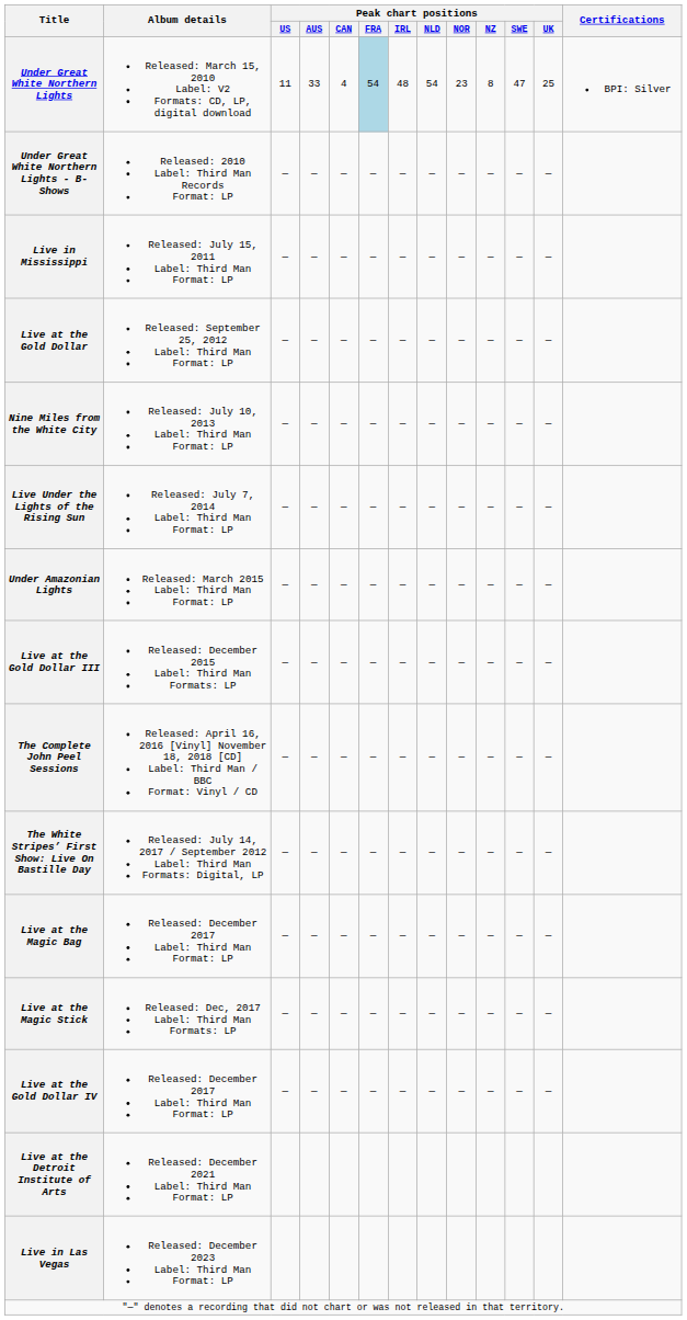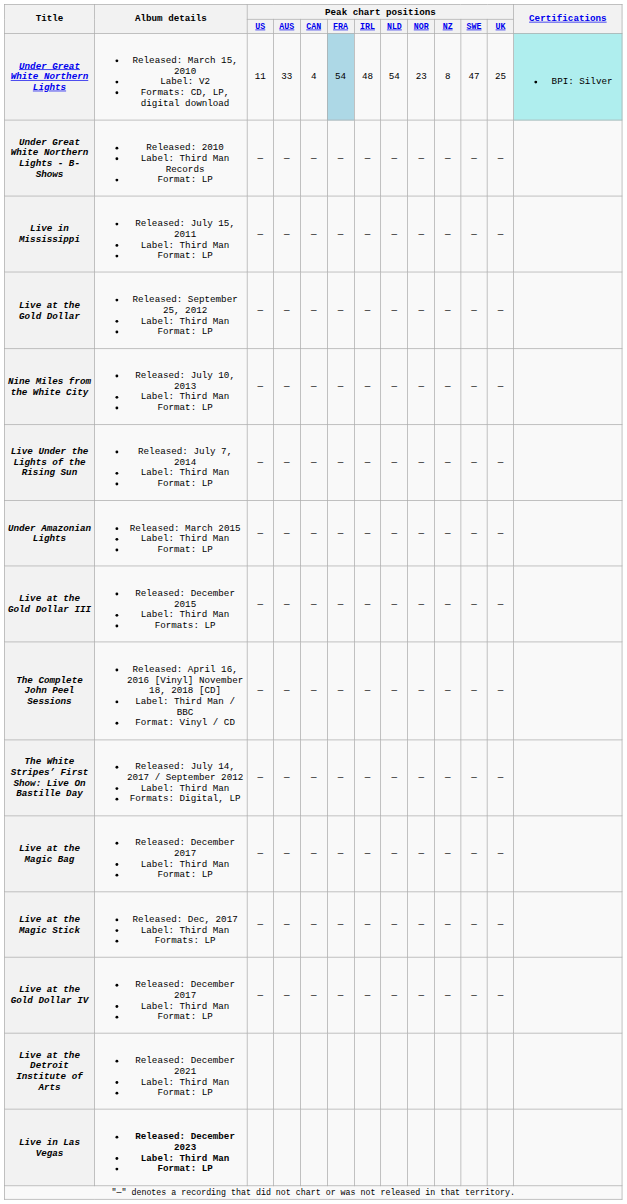 <table class="wikitable plainrowheaders" style="text-align:center;">
 <tr>
 <th scope="col" rowspan="2" style="width:10em;">Title</th>
 <th scope="col" rowspan="2" style="width:18em;">Album details</th>
 <th scope="col" colspan="10">Peak chart positions</th>
 <th scope="col" rowspan="2" style="width:12em;"><a href='#'>Certifications</a></th>
 </tr>
 <tr>
 <th scope="col" style="width:3em;font-size:90%;"><a href='#'>US</a><br></th>
 <th scope="col" style="width:3em;font-size:90%;"><a href='#'>AUS</a><br></th>
 <th scope="col" style="width:3em;font-size:90%;"><a href='#'>CAN</a><br></th>
 <th scope="col" style="width:3em;font-size:90%;"><a href='#'>FRA</a><br></th>
 <th scope="col" style="width:3em;font-size:90%;"><a href='#'>IRL</a><br></th>
 <th scope="col" style="width:3em;font-size:90%;"><a href='#'>NLD</a><br></th>
 <th scope="col" style="width:3em;font-size:90%;"><a href='#'>NOR</a><br></th>
 <th scope="col" style="width:3em;font-size:90%;"><a href='#'>NZ</a><br></th>
 <th scope="col" style="width:3em;font-size:90%;"><a href='#'>SWE</a><br></th>
 <th scope="col" style="width:3em;font-size:90%;"><a href='#'>UK</a><br></th>
 </tr>
 <tr>
 <th scope="row"><em><a href='#'>Under Great White Northern Lights</a></em></th>
 <td><br><ul><li>Released: March 15, 2010</li><li>Label: V2</li><li>Formats: CD, LP, digital download</li></ul></td>
 <td>11</td>
 <td>33</td>
 <td>4</td>
 <td style="background: lightblue;">54</td>
 <td>48</td>
 <td>54</td>
 <td>23</td>
 <td>8</td>
 <td>47</td>
 <td>25</td>
-<td><br><ul><li>BPI: Silver</li></ul></td>
+<td style="background: paleturquoise;"><br><ul><li>BPI: Silver</li></ul></td>
 </tr>
 <tr>
 <th scope="row"><em>Under Great White Northern Lights - B-Shows</em></th>
 <td><br><ul><li>Released: 2010</li><li>Label: Third Man Records</li><li>Format: LP</li></ul></td>
 <td>—</td>
 <td>—</td>
 <td>—</td>
 <td>—</td>
 <td>—</td>
 <td>—</td>
 <td>—</td>
 <td>—</td>
 <td>—</td>
 <td>—</td>
 <td></td>
 </tr>
 <tr>
 <th scope="row"><em>Live in Mississippi</em></th>
 <td><br><ul><li>Released: July 15, 2011</li><li>Label: Third Man</li><li>Format: LP</li></ul></td>
 <td>—</td>
 <td>—</td>
 <td>—</td>
 <td>—</td>
 <td>—</td>
 <td>—</td>
 <td>—</td>
 <td>—</td>
 <td>—</td>
 <td>—</td>
 <td></td>
 </tr>
 <tr>
 <th scope="row"><em>Live at the Gold Dollar</em></th>
 <td><br><ul><li>Released: September 25, 2012</li><li>Label: Third Man</li><li>Format: LP</li></ul></td>
 <td>—</td>
 <td>—</td>
 <td>—</td>
 <td>—</td>
 <td>—</td>
 <td>—</td>
 <td>—</td>
 <td>—</td>
 <td>—</td>
 <td>—</td>
 <td></td>
 </tr>
 <tr>
 <th scope="row"><em>Nine Miles from the White City</em></th>
 <td><br><ul><li>Released: July 10, 2013</li><li>Label: Third Man</li><li>Format: LP</li></ul></td>
 <td>—</td>
 <td>—</td>
 <td>—</td>
 <td>—</td>
 <td>—</td>
 <td>—</td>
 <td>—</td>
 <td>—</td>
 <td>—</td>
 <td>—</td>
 <td></td>
 </tr>
 <tr>
 <th scope="row"><em>Live Under the Lights of the Rising Sun</em></th>
 <td><br><ul><li>Released: July 7, 2014</li><li>Label: Third Man</li><li>Format: LP</li></ul></td>
 <td>—</td>
 <td>—</td>
 <td>—</td>
 <td>—</td>
 <td>—</td>
 <td>—</td>
 <td>—</td>
 <td>—</td>
 <td>—</td>
 <td>—</td>
 <td></td>
 </tr>
 <tr>
 <th scope="row"><em>Under Amazonian Lights</em></th>
 <td><br><ul><li>Released: March 2015</li><li>Label: Third Man</li><li>Format: LP</li></ul></td>
 <td>—</td>
 <td>—</td>
 <td>—</td>
 <td>—</td>
 <td>—</td>
 <td>—</td>
 <td>—</td>
 <td>—</td>
 <td>—</td>
 <td>—</td>
 <td></td>
 </tr>
 <tr>
 <th scope="row"><em>Live at the Gold Dollar III</em></th>
 <td><br><ul><li>Released: December 2015</li><li>Label: Third Man</li><li>Formats: LP</li></ul></td>
 <td>—</td>
 <td>—</td>
 <td>—</td>
 <td>—</td>
 <td>—</td>
 <td>—</td>
 <td>—</td>
 <td>—</td>
 <td>—</td>
 <td>—</td>
 <td></td>
 </tr>
 <tr>
 <th scope="row"><em>The Complete John Peel Sessions</em></th>
 <td><br><ul><li>Released: April 16, 2016 [Vinyl] November 18, 2018 [CD]</li><li>Label: Third Man / BBC</li><li>Format: Vinyl / CD</li></ul></td>
 <td>—</td>
 <td>—</td>
 <td>—</td>
 <td>—</td>
 <td>—</td>
 <td>—</td>
 <td>—</td>
 <td>—</td>
 <td>—</td>
 <td>—</td>
 <td></td>
 </tr>
 <tr>
 <th scope="row"><em>The White Stripes’ First Show: Live On Bastille Day</em></th>
 <td><br><ul><li>Released: July 14, 2017 / September 2012</li><li>Label: Third Man</li><li>Formats: Digital, LP</li></ul></td>
 <td>—</td>
 <td>—</td>
 <td>—</td>
 <td>—</td>
 <td>—</td>
 <td>—</td>
 <td>—</td>
 <td>—</td>
 <td>—</td>
 <td>—</td>
 <td></td>
 </tr>
 <tr>
 <th scope="row"><em>Live at the Magic Bag</em></th>
 <td><br><ul><li>Released: December 2017</li><li>Label: Third Man</li><li>Format: LP</li></ul></td>
 <td>—</td>
 <td>—</td>
 <td>—</td>
 <td>—</td>
 <td>—</td>
 <td>—</td>
 <td>—</td>
 <td>—</td>
 <td>—</td>
 <td>—</td>
 <td></td>
 </tr>
 <tr>
 <th scope="row"><em>Live at the Magic Stick</em></th>
 <td><br><ul><li>Released: Dec, 2017</li><li>Label: Third Man</li><li>Formats: LP</li></ul></td>
 <td>—</td>
 <td>—</td>
 <td>—</td>
 <td>—</td>
 <td>—</td>
 <td>—</td>
 <td>—</td>
 <td>—</td>
 <td>—</td>
 <td>—</td>
 <td></td>
 </tr>
 <tr>
 <th scope="row"><em>Live at the Gold Dollar IV</em></th>
 <td><br><ul><li>Released: December 2017</li><li>Label: Third Man</li><li>Format: LP</li></ul></td>
 <td>—</td>
 <td>—</td>
 <td>—</td>
 <td>—</td>
 <td>—</td>
 <td>—</td>
 <td>—</td>
 <td>—</td>
 <td>—</td>
 <td>—</td>
 <td></td>
 </tr>
 <tr>
 <th scope="row"><em>Live at the Detroit Institute of Arts</em></th>
 <td><br><ul><li>Released: December 2021</li><li>Label: Third Man</li><li>Format: LP</li></ul></td>
 <td></td>
 <td></td>
 <td></td>
 <td></td>
 <td></td>
 <td></td>
 <td></td>
 <td></td>
 <td></td>
 <td></td>
 <td></td>
 </tr>
 <tr>
 <th scope="row"><em>Live in Las Vegas</em></th>
-<td><br><ul><li>Released: December 2023</li><li>Label: Third Man</li><li>Format: LP</li></ul></td>
+<td><strong><br><ul><li>Released: December 2023</li><li>Label: Third Man</li><li>Format: LP</li></ul></strong></td>
 <td></td>
 <td></td>
 <td></td>
 <td></td>
 <td></td>
 <td></td>
 <td></td>
 <td></td>
 <td></td>
 <td></td>
 <td></td>
 </tr>
 <tr>
 <td colspan="14" style="font-size:90%">"—" denotes a recording that did not chart or was not released in that territory.</td>
 </tr>
 </table>
